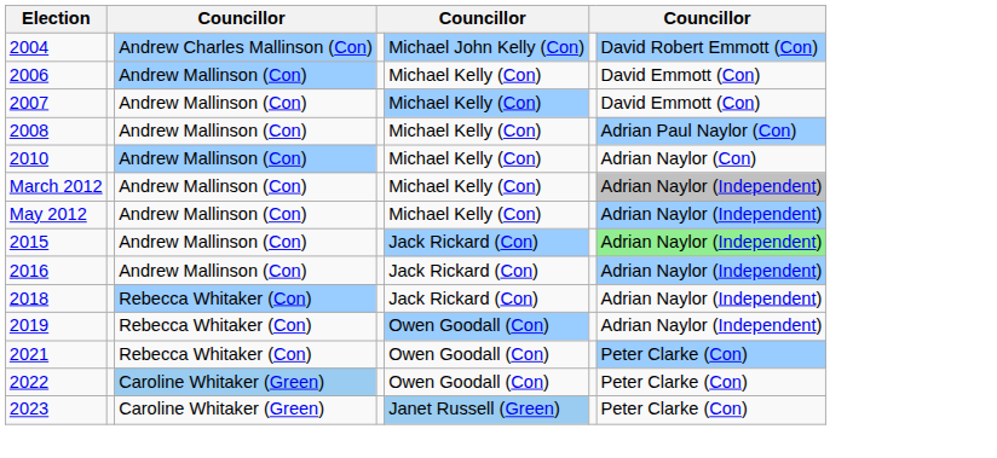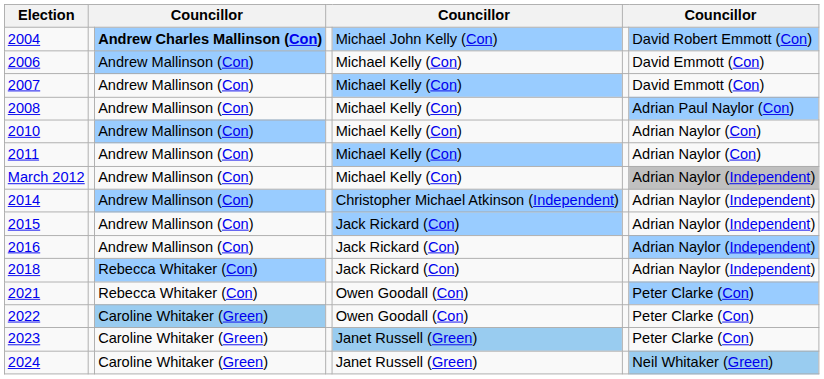 <table class="wikitable">
 <tr>
 <th>Election</th>
 <th colspan="2">Councillor</th>
 <th colspan="2">Councillor</th>
 <th colspan="2">Councillor</th>
 </tr>
 <tr>
 <td><a href='#'>2004</a></td>
 <td style="background-color: "></td>
-<td bgcolor="#99CCFF">Andrew Charles Mallinson (<a href='#'>Con</a>)</td>
+<td bgcolor="#99CCFF"><strong>Andrew Charles Mallinson (<a href='#'>Con</a>)</strong></td>
 <td style="background-color: "></td>
 <td bgcolor="#99CCFF">Michael John Kelly (<a href='#'>Con</a>)</td>
 <td style="background-color: "></td>
 <td bgcolor="#99CCFF">David Robert Emmott (<a href='#'>Con</a>)</td>
 </tr>
 <tr>
 <td><a href='#'>2006</a></td>
 <td style="background-color: "></td>
 <td bgcolor="#99CCFF">Andrew Mallinson (<a href='#'>Con</a>)</td>
 <td style="background-color: "></td>
 <td>Michael Kelly (<a href='#'>Con</a>)</td>
 <td style="background-color: "></td>
 <td>David Emmott (<a href='#'>Con</a>)</td>
 </tr>
 <tr>
 <td><a href='#'>2007</a></td>
 <td style="background-color: "></td>
 <td>Andrew Mallinson (<a href='#'>Con</a>)</td>
 <td style="background-color: "></td>
 <td bgcolor="#99CCFF">Michael Kelly (<a href='#'>Con</a>)</td>
 <td style="background-color: "></td>
 <td>David Emmott (<a href='#'>Con</a>)</td>
 </tr>
 <tr>
 <td><a href='#'>2008</a></td>
 <td style="background-color: "></td>
 <td>Andrew Mallinson (<a href='#'>Con</a>)</td>
 <td style="background-color: "></td>
 <td>Michael Kelly (<a href='#'>Con</a>)</td>
 <td style="background-color: "></td>
 <td bgcolor="#99CCFF">Adrian Paul Naylor (<a href='#'>Con</a>)</td>
 </tr>
 <tr>
 <td><a href='#'>2010</a></td>
 <td style="background-color: "></td>
 <td bgcolor="#99CCFF">Andrew Mallinson (<a href='#'>Con</a>)</td>
 <td style="background-color: "></td>
 <td>Michael Kelly (<a href='#'>Con</a>)</td>
 <td style="background-color: "></td>
 <td>Adrian Naylor (<a href='#'>Con</a>)</td>
 </tr>
 <tr>
+<td><a href='#'>2011</a></td>
+<td style="background-color: "></td>
+<td>Andrew Mallinson (<a href='#'>Con</a>)</td>
+<td style="background-color: "></td>
+<td bgcolor="#99CCFF">Michael Kelly (<a href='#'>Con</a>)</td>
+<td style="background-color: "></td>
+<td>Adrian Naylor (<a href='#'>Con</a>)</td>
+</tr>
+<tr>
 <td><a href='#'>March 2012</a></td>
 <td style="background-color: "></td>
 <td>Andrew Mallinson (<a href='#'>Con</a>)</td>
 <td style="background-color: "></td>
 <td>Michael Kelly (<a href='#'>Con</a>)</td>
 <td style="background-color: "></td>
 <td bgcolor="#C0C0C0">Adrian Naylor (<a href='#'>Independent</a>)</td>
 </tr>
 <tr>
-<td><a href='#'>May 2012</a></td>
+<td><a href='#'>2014</a></td>
 <td style="background-color: "></td>
-<td>Andrew Mallinson (<a href='#'>Con</a>)</td>
+<td bgcolor="#99CCFF">Andrew Mallinson (<a href='#'>Con</a>)</td>
 <td style="background-color: "></td>
-<td>Michael Kelly (<a href='#'>Con</a>)</td>
+<td bgcolor="#99CCFF">Christopher Michael Atkinson (<a href='#'>Independent</a>)</td>
 <td style="background-color: "></td>
-<td bgcolor="#99CCFF">Adrian Naylor (<a href='#'>Independent</a>)</td>
+<td>Adrian Naylor (<a href='#'>Independent</a>)</td>
 </tr>
 <tr>
 <td><a href='#'>2015</a></td>
 <td style="background-color: "></td>
 <td>Andrew Mallinson (<a href='#'>Con</a>)</td>
 <td style="background-color: "></td>
 <td bgcolor="#99CCFF">Jack Rickard (<a href='#'>Con</a>)</td>
 <td style="background-color: "></td>
-<td style="background: lightgreen;">Adrian Naylor (<a href='#'>Independent</a>)</td>
+<td>Adrian Naylor (<a href='#'>Independent</a>)</td>
 </tr>
 <tr>
 <td><a href='#'>2016</a></td>
 <td style="background-color: "></td>
 <td>Andrew Mallinson (<a href='#'>Con</a>)</td>
 <td style="background-color: "></td>
 <td>Jack Rickard (<a href='#'>Con</a>)</td>
 <td style="background-color: "></td>
 <td bgcolor="#99CCFF">Adrian Naylor (<a href='#'>Independent</a>)</td>
 </tr>
 <tr>
 <td><a href='#'>2018</a></td>
 <td style="background-color: "></td>
 <td bgcolor="#99CCFF">Rebecca Whitaker (<a href='#'>Con</a>)</td>
 <td style="background-color: "></td>
 <td>Jack Rickard (<a href='#'>Con</a>)</td>
-<td style="background-color: "></td>
-<td>Adrian Naylor (<a href='#'>Independent</a>)</td>
-</tr>
-<tr>
-<td><a href='#'>2019</a></td>
-<td style="background-color: "></td>
-<td>Rebecca Whitaker (<a href='#'>Con</a>)</td>
-<td style="background-color: "></td>
-<td bgcolor="#99CCFF">Owen Goodall (<a href='#'>Con</a>)</td>
 <td style="background-color: "></td>
 <td>Adrian Naylor (<a href='#'>Independent</a>)</td>
 </tr>
 <tr>
 <td><a href='#'>2021</a></td>
 <td style="background-color: "></td>
 <td>Rebecca Whitaker (<a href='#'>Con</a>)</td>
 <td style="background-color: "></td>
 <td>Owen Goodall (<a href='#'>Con</a>)</td>
 <td style="background-color: "></td>
 <td bgcolor="#99CCFF">Peter Clarke (<a href='#'>Con</a>)</td>
 </tr>
 <tr>
 <td><a href='#'>2022</a></td>
 <td style="background-color: "></td>
 <td bgcolor="#99CCF">Caroline Whitaker (<a href='#'>Green</a>)</td>
 <td style="background-color: "></td>
 <td>Owen Goodall (<a href='#'>Con</a>)</td>
 <td style="background-color: "></td>
 <td>Peter Clarke (<a href='#'>Con</a>)</td>
 </tr>
 <tr>
 <td><a href='#'>2023</a></td>
 <td style="background-color: "></td>
 <td>Caroline Whitaker (<a href='#'>Green</a>)</td>
 <td style="background-color: "></td>
 <td bgcolor="#99CCF">Janet  Russell (<a href='#'>Green</a>)</td>
 <td style="background-color: "></td>
 <td>Peter Clarke (<a href='#'>Con</a>)</td>
 </tr>
+<tr>
+<td><a href='#'>2024</a></td>
+<td style="background-color: "></td>
+<td>Caroline Whitaker (<a href='#'>Green</a>)</td>
+<td style="background-color: "></td>
+<td>Janet  Russell (<a href='#'>Green</a>)</td>
+<td style="background-color:"></td>
+<td bgcolor="#99CCF">Neil Whitaker (<a href='#'>Green</a>)</td>
+</tr>
 </table>
